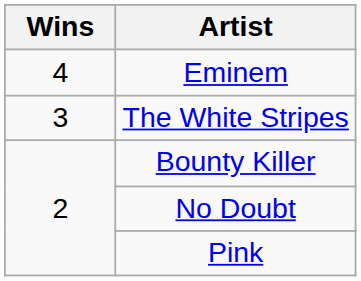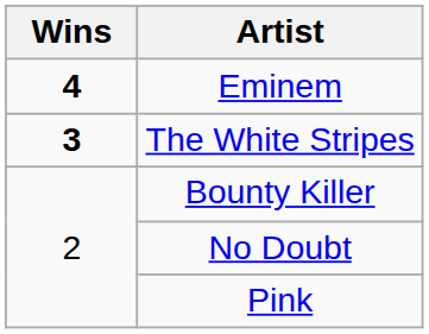 <table class="wikitable" rowspan="2" style="text-align:center">
 <tr>
 <th scope="col" style="width:55px;">Wins</th>
 <th scope="col" style="text-align:center;">Artist</th>
 </tr>
 <tr>
-<td style="text-align:center">4</td>
+<td style="text-align:center"><strong>4</strong></td>
 <td><a href='#'>Eminem</a></td>
 </tr>
 <tr>
-<td style="text-align:center">3</td>
+<td style="text-align:center"><strong>3</strong></td>
 <td><a href='#'>The White Stripes</a></td>
 </tr>
 <tr>
 <td rowspan="3" style="text-align:center">2</td>
 <td><a href='#'>Bounty Killer</a></td>
 </tr>
 <tr>
 <td><a href='#'>No Doubt</a></td>
 </tr>
 <tr>
 <td><a href='#'>Pink</a></td>
 </tr>
 </table>
